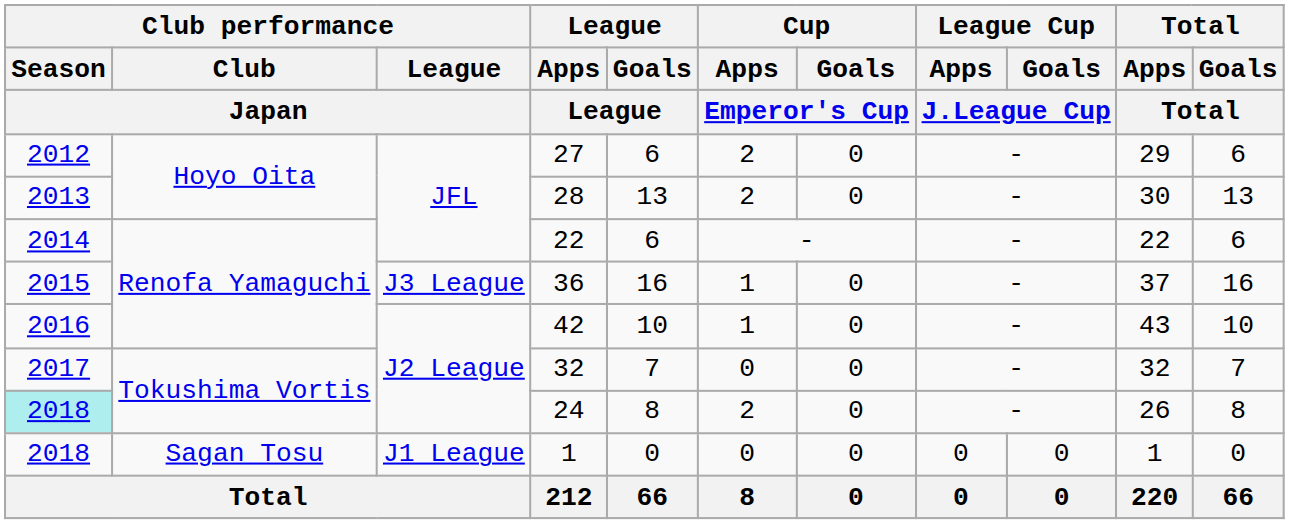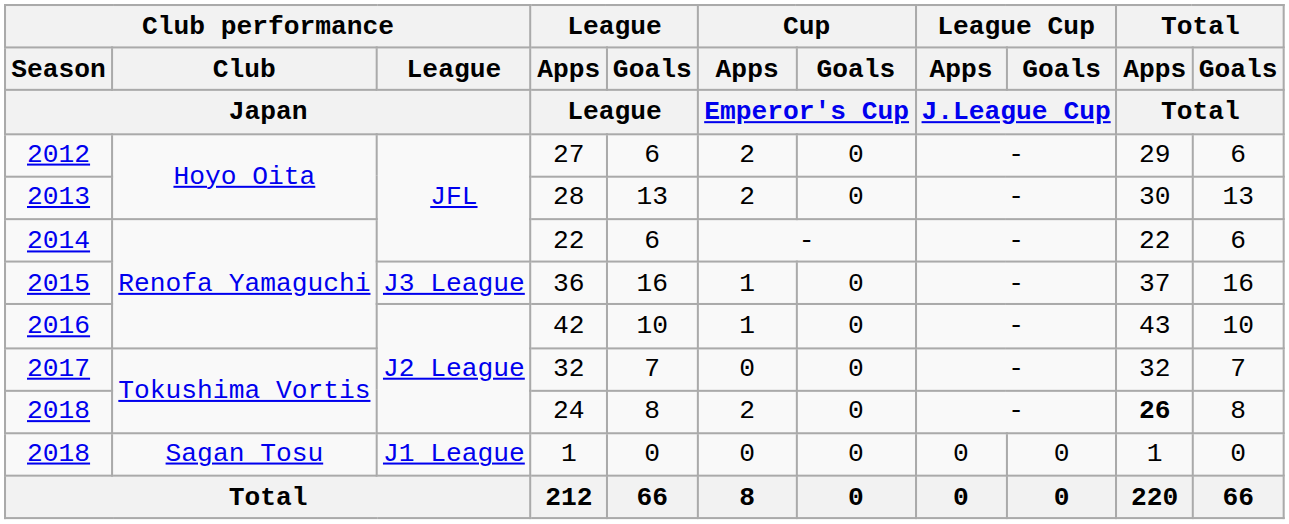 <table class="wikitable" style="text-align:center;">
 <tr>
 <th colspan=3>Club performance</th>
 <th colspan=2>League</th>
 <th colspan=2>Cup</th>
 <th colspan=2>League Cup</th>
 <th colspan=2>Total</th>
 </tr>
 <tr>
 <th>Season</th>
 <th>Club</th>
 <th>League</th>
 <th>Apps</th>
 <th>Goals</th>
 <th>Apps</th>
 <th>Goals</th>
 <th>Apps</th>
 <th>Goals</th>
 <th>Apps</th>
 <th>Goals</th>
 </tr>
 <tr>
 <th colspan=3>Japan</th>
 <th colspan=2>League</th>
 <th colspan=2><a href='#'>Emperor's Cup</a></th>
 <th colspan=2><a href='#'>J.League Cup</a></th>
 <th colspan=2>Total</th>
 </tr>
 <tr>
 <td><a href='#'>2012</a></td>
 <td rowspan="2"><a href='#'>Hoyo Oita</a></td>
 <td rowspan="3"><a href='#'>JFL</a></td>
 <td>27</td>
 <td>6</td>
 <td>2</td>
 <td>0</td>
 <td colspan="2">-</td>
 <td>29</td>
 <td>6</td>
 </tr>
 <tr>
 <td><a href='#'>2013</a></td>
 <td>28</td>
 <td>13</td>
 <td>2</td>
 <td>0</td>
 <td colspan="2">-</td>
 <td>30</td>
 <td>13</td>
 </tr>
 <tr>
 <td><a href='#'>2014</a></td>
 <td rowspan="3"><a href='#'>Renofa Yamaguchi</a></td>
 <td>22</td>
 <td>6</td>
 <td colspan="2">-</td>
 <td colspan="2">-</td>
 <td>22</td>
 <td>6</td>
 </tr>
 <tr>
 <td><a href='#'>2015</a></td>
 <td><a href='#'>J3 League</a></td>
 <td>36</td>
 <td>16</td>
 <td>1</td>
 <td>0</td>
 <td colspan="2">-</td>
 <td>37</td>
 <td>16</td>
 </tr>
 <tr>
 <td><a href='#'>2016</a></td>
 <td rowspan="3"><a href='#'>J2 League</a></td>
 <td>42</td>
 <td>10</td>
 <td>1</td>
 <td>0</td>
 <td colspan="2">-</td>
 <td>43</td>
 <td>10</td>
 </tr>
 <tr>
 <td><a href='#'>2017</a></td>
 <td rowspan="2"><a href='#'>Tokushima Vortis</a></td>
 <td>32</td>
 <td>7</td>
 <td>0</td>
 <td>0</td>
 <td colspan="2">-</td>
 <td>32</td>
 <td>7</td>
 </tr>
 <tr>
-<td style="background: paleturquoise;"><a href='#'>2018</a></td>
+<td><a href='#'>2018</a></td>
 <td>24</td>
 <td>8</td>
 <td>2</td>
 <td>0</td>
 <td colspan="2">-</td>
-<td>26</td>
+<td><strong>26</strong></td>
 <td>8</td>
 </tr>
 <tr>
 <td><a href='#'>2018</a></td>
 <td rowspan="1"><a href='#'>Sagan Tosu</a></td>
 <td rowspan=1><a href='#'>J1 League</a></td>
 <td>1</td>
 <td>0</td>
 <td>0</td>
 <td>0</td>
 <td>0</td>
 <td>0</td>
 <td>1</td>
 <td>0</td>
 </tr>
 <tr>
 <th colspan="3">Total</th>
 <th>212</th>
 <th>66</th>
 <th>8</th>
 <th>0</th>
 <th>0</th>
 <th>0</th>
 <th>220</th>
 <th>66</th>
 </tr>
 </table>
